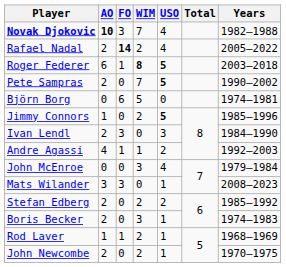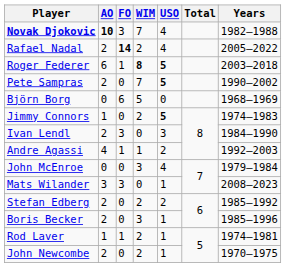 <table class="wikitable mw-datatable sortable" style="display:inline-table">
 <tr>
 <th scope="col">Player</th>
 <th scope="col"><a href='#'>AO</a></th>
 <th scope="col"><a href='#'>FO</a></th>
 <th scope="col"><a href='#'>WIM</a></th>
 <th scope="col"><a href='#'>USO</a></th>
 <th scope="col">Total</th>
 <th scope="col">Years</th>
 </tr>
 <tr>
 <td> <strong><a href='#'>Novak Djokovic</a></strong></td>
 <td><strong>10</strong></td>
 <td>3</td>
 <td>7</td>
 <td>4</td>
 <td></td>
 <td>1982–1988</td>
 </tr>
 <tr>
 <td> <a href='#'>Rafael Nadal</a></td>
 <td>2</td>
 <td><strong>14</strong></td>
 <td>2</td>
 <td>4</td>
 <td></td>
 <td>2005–2022</td>
 </tr>
 <tr>
 <td> <a href='#'>Roger Federer</a></td>
 <td>6</td>
 <td>1</td>
 <td><strong>8</strong></td>
 <td><strong>5</strong></td>
 <td></td>
 <td>2003–2018</td>
 </tr>
 <tr>
 <td> <a href='#'>Pete Sampras</a></td>
 <td>2</td>
 <td>0</td>
 <td>7</td>
 <td><strong>5</strong></td>
 <td></td>
 <td>1990–2002</td>
 </tr>
 <tr>
 <td> <a href='#'>Björn Borg</a></td>
 <td>0</td>
 <td>6</td>
 <td>5</td>
 <td>0</td>
 <td></td>
-<td>1974–1981</td>
+<td>1968–1969</td>
 </tr>
 <tr>
 <td> <a href='#'>Jimmy Connors</a></td>
 <td>1</td>
 <td>0</td>
 <td>2</td>
 <td><strong>5</strong></td>
 <td rowspan=3 style="text-align:center;">8</td>
-<td>1985–1996</td>
+<td>1974–1983</td>
 </tr>
 <tr>
 <td> <a href='#'>Ivan Lendl</a></td>
 <td>2</td>
 <td>3</td>
 <td>0</td>
 <td>3</td>
 <td>1984–1990</td>
 </tr>
 <tr>
 <td> <a href='#'>Andre Agassi</a></td>
 <td>4</td>
 <td>1</td>
 <td>1</td>
 <td>2</td>
 <td>1992–2003</td>
 </tr>
 <tr>
 <td> <a href='#'>John McEnroe</a></td>
 <td>0</td>
 <td>0</td>
 <td>3</td>
 <td>4</td>
 <td rowspan=2 style="text-align:center;">7</td>
 <td>1979–1984</td>
 </tr>
 <tr>
 <td> <a href='#'>Mats Wilander</a></td>
 <td>3</td>
 <td>3</td>
 <td>0</td>
 <td>1</td>
 <td>2008–2023</td>
 </tr>
 <tr>
 <td> <a href='#'>Stefan Edberg</a></td>
 <td>2</td>
 <td>0</td>
 <td>2</td>
 <td>2</td>
 <td rowspan=2 style="text-align:center;">6</td>
 <td>1985–1992</td>
 </tr>
 <tr>
 <td> <a href='#'>Boris Becker</a></td>
 <td>2</td>
 <td>0</td>
 <td>3</td>
 <td>1</td>
-<td>1974–1983</td>
+<td>1985–1996</td>
 </tr>
 <tr>
 <td> <a href='#'>Rod Laver</a></td>
 <td>1</td>
 <td>1</td>
 <td>2</td>
 <td>1</td>
 <td rowspan=2 style="text-align:center;">5</td>
-<td>1968–1969</td>
+<td>1974–1981</td>
 </tr>
 <tr>
 <td> <a href='#'>John Newcombe</a></td>
 <td>2</td>
 <td>0</td>
 <td>2</td>
 <td>1</td>
 <td>1970–1975</td>
 </tr>
 </table>
